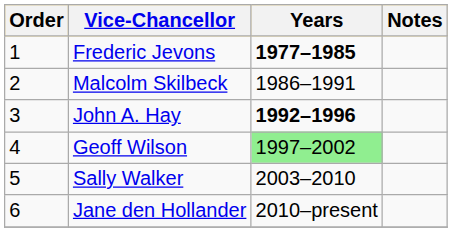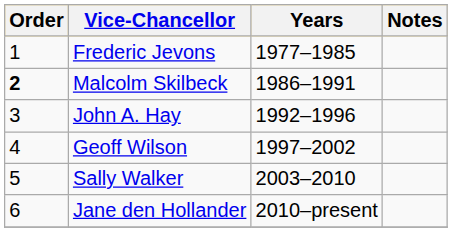 <table class="wikitable">
 <tr style="background:#fc3;">
 <th>Order</th>
 <th><a href='#'>Vice-Chancellor</a></th>
 <th>Years</th>
 <th>Notes</th>
 </tr>
 <tr>
 <td>1</td>
 <td><a href='#'>Frederic Jevons</a></td>
-<td><strong>1977–1985</strong></td>
+<td>1977–1985</td>
 <td></td>
 </tr>
 <tr>
-<td>2</td>
+<td><strong>2</strong></td>
 <td><a href='#'>Malcolm Skilbeck</a> </td>
 <td>1986–1991</td>
 <td></td>
 </tr>
 <tr>
 <td>3</td>
 <td><a href='#'>John A. Hay</a> </td>
-<td><strong>1992–1996</strong></td>
+<td>1992–1996</td>
 <td></td>
 </tr>
 <tr>
 <td>4</td>
 <td><a href='#'>Geoff Wilson</a> </td>
-<td style="background: lightgreen;">1997–2002</td>
+<td>1997–2002</td>
 <td></td>
 </tr>
 <tr>
 <td>5</td>
 <td><a href='#'>Sally Walker</a> </td>
 <td>2003–2010</td>
 <td></td>
 </tr>
 <tr>
 <td>6</td>
 <td><a href='#'>Jane den Hollander</a> </td>
 <td>2010–present</td>
 <td></td>
 </tr>
 <tr>
 </tr>
 </table>
